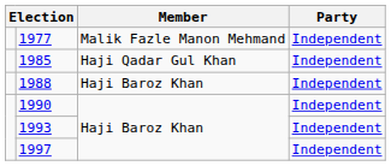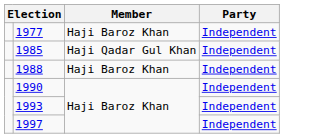 <table class="wikitable">
 <tr>
 <th colspan="2">Election</th>
 <th>Member</th>
 <th>Party</th>
 </tr>
 <tr>
 <td style="background-color: "></td>
 <td><a href='#'>1977</a></td>
-<td>Malik Fazle Manon Mehmand</td>
+<td>Haji Baroz Khan</td>
 <td><a href='#'>Independent</a></td>
 </tr>
 <tr>
 <td style="background-color: "></td>
 <td><a href='#'>1985</a></td>
 <td>Haji Qadar Gul Khan</td>
 <td><a href='#'>Independent</a></td>
 </tr>
 <tr>
 <td style="background-color: "></td>
 <td><a href='#'>1988</a></td>
 <td>Haji Baroz Khan</td>
 <td><a href='#'>Independent</a></td>
 </tr>
 <tr>
 <td rowspan=3 style="background-color: "></td>
 <td><a href='#'>1990</a></td>
 <td rowspan=3>Haji Baroz Khan</td>
 <td><a href='#'>Independent</a></td>
 </tr>
 <tr>
 <td><a href='#'>1993</a></td>
 <td><a href='#'>Independent</a></td>
 </tr>
 <tr>
 <td><a href='#'>1997</a></td>
 <td><a href='#'>Independent</a></td>
 </tr>
 </table>
